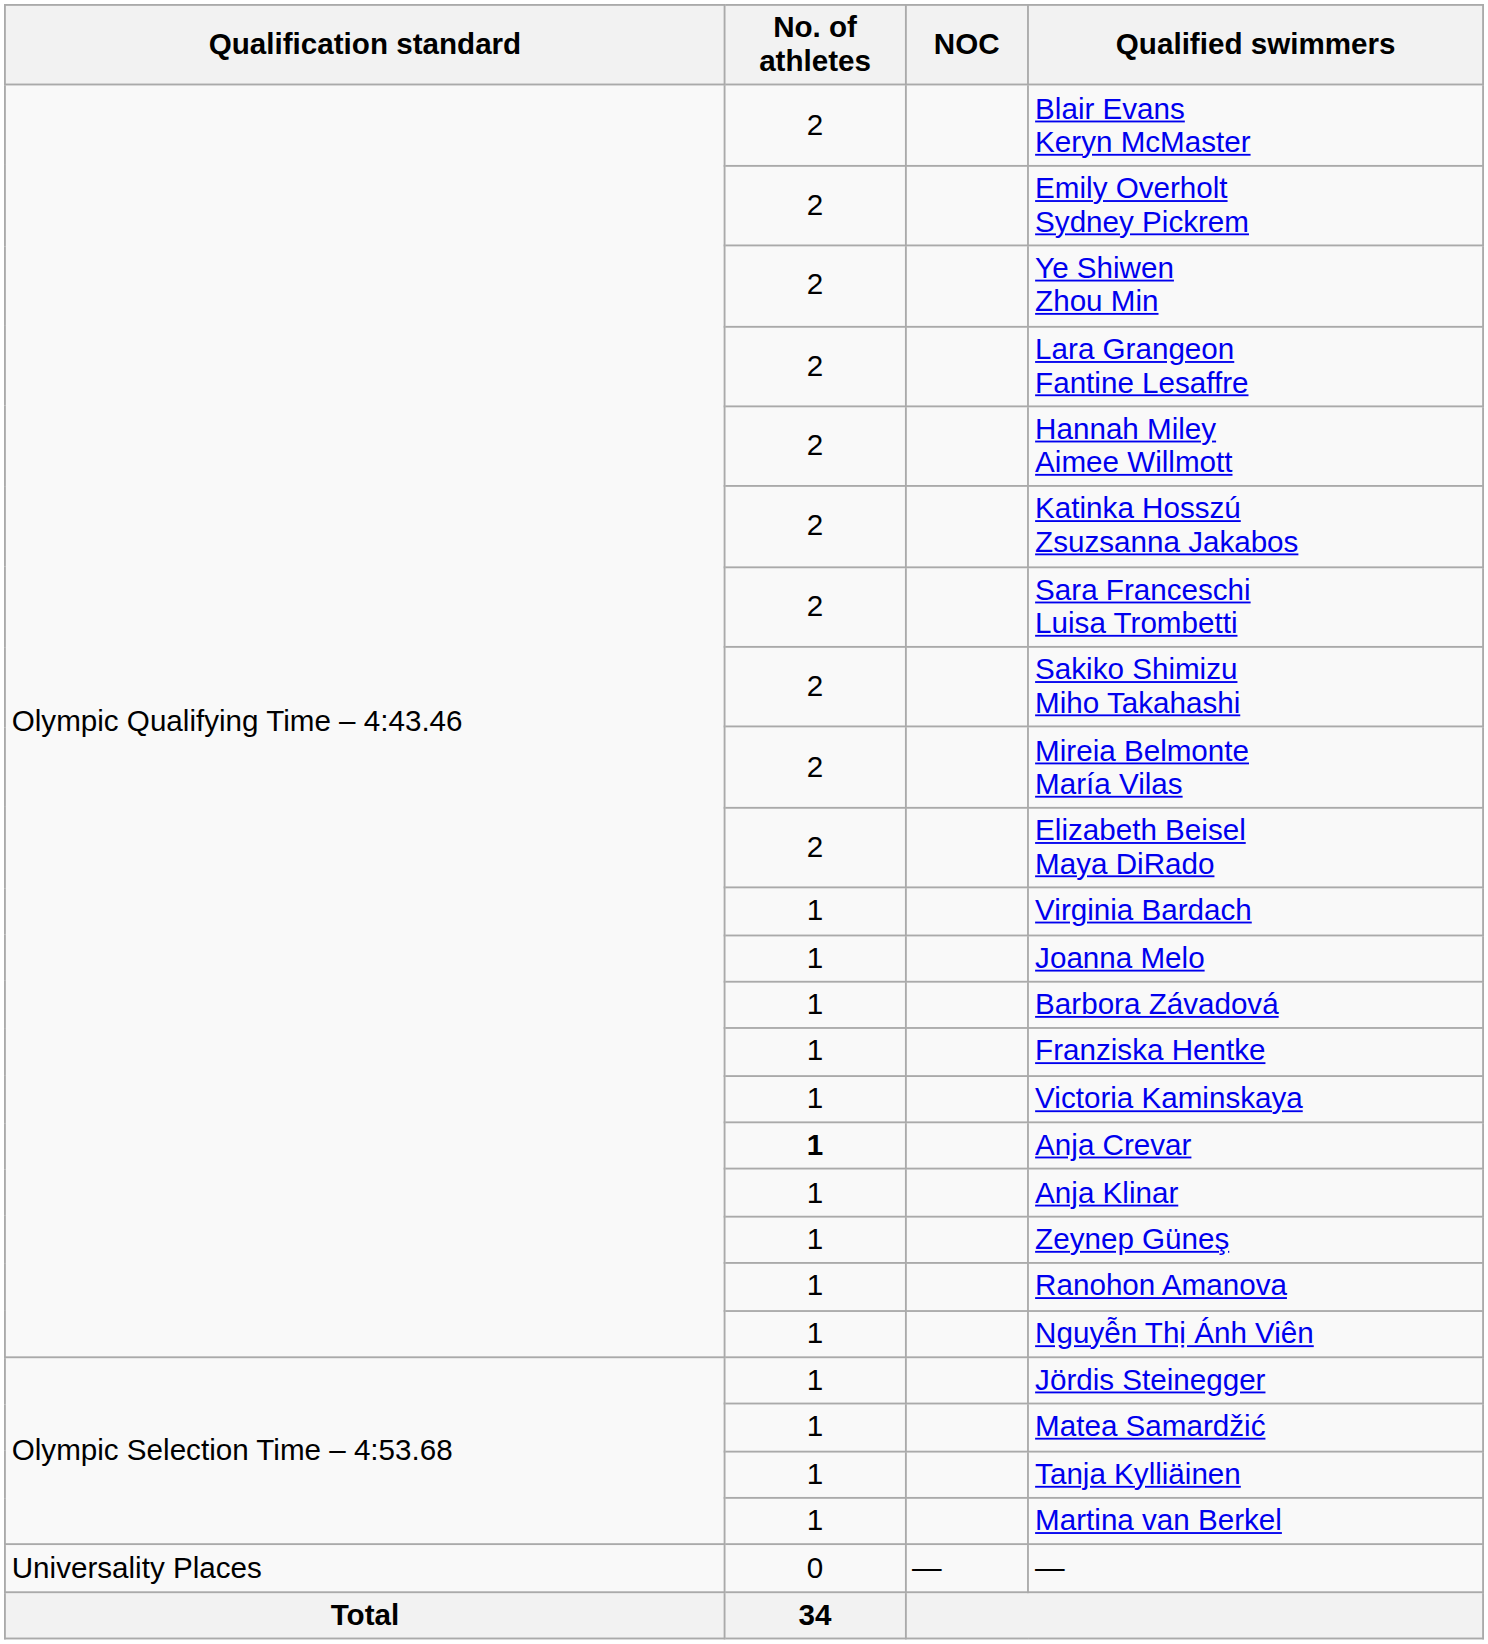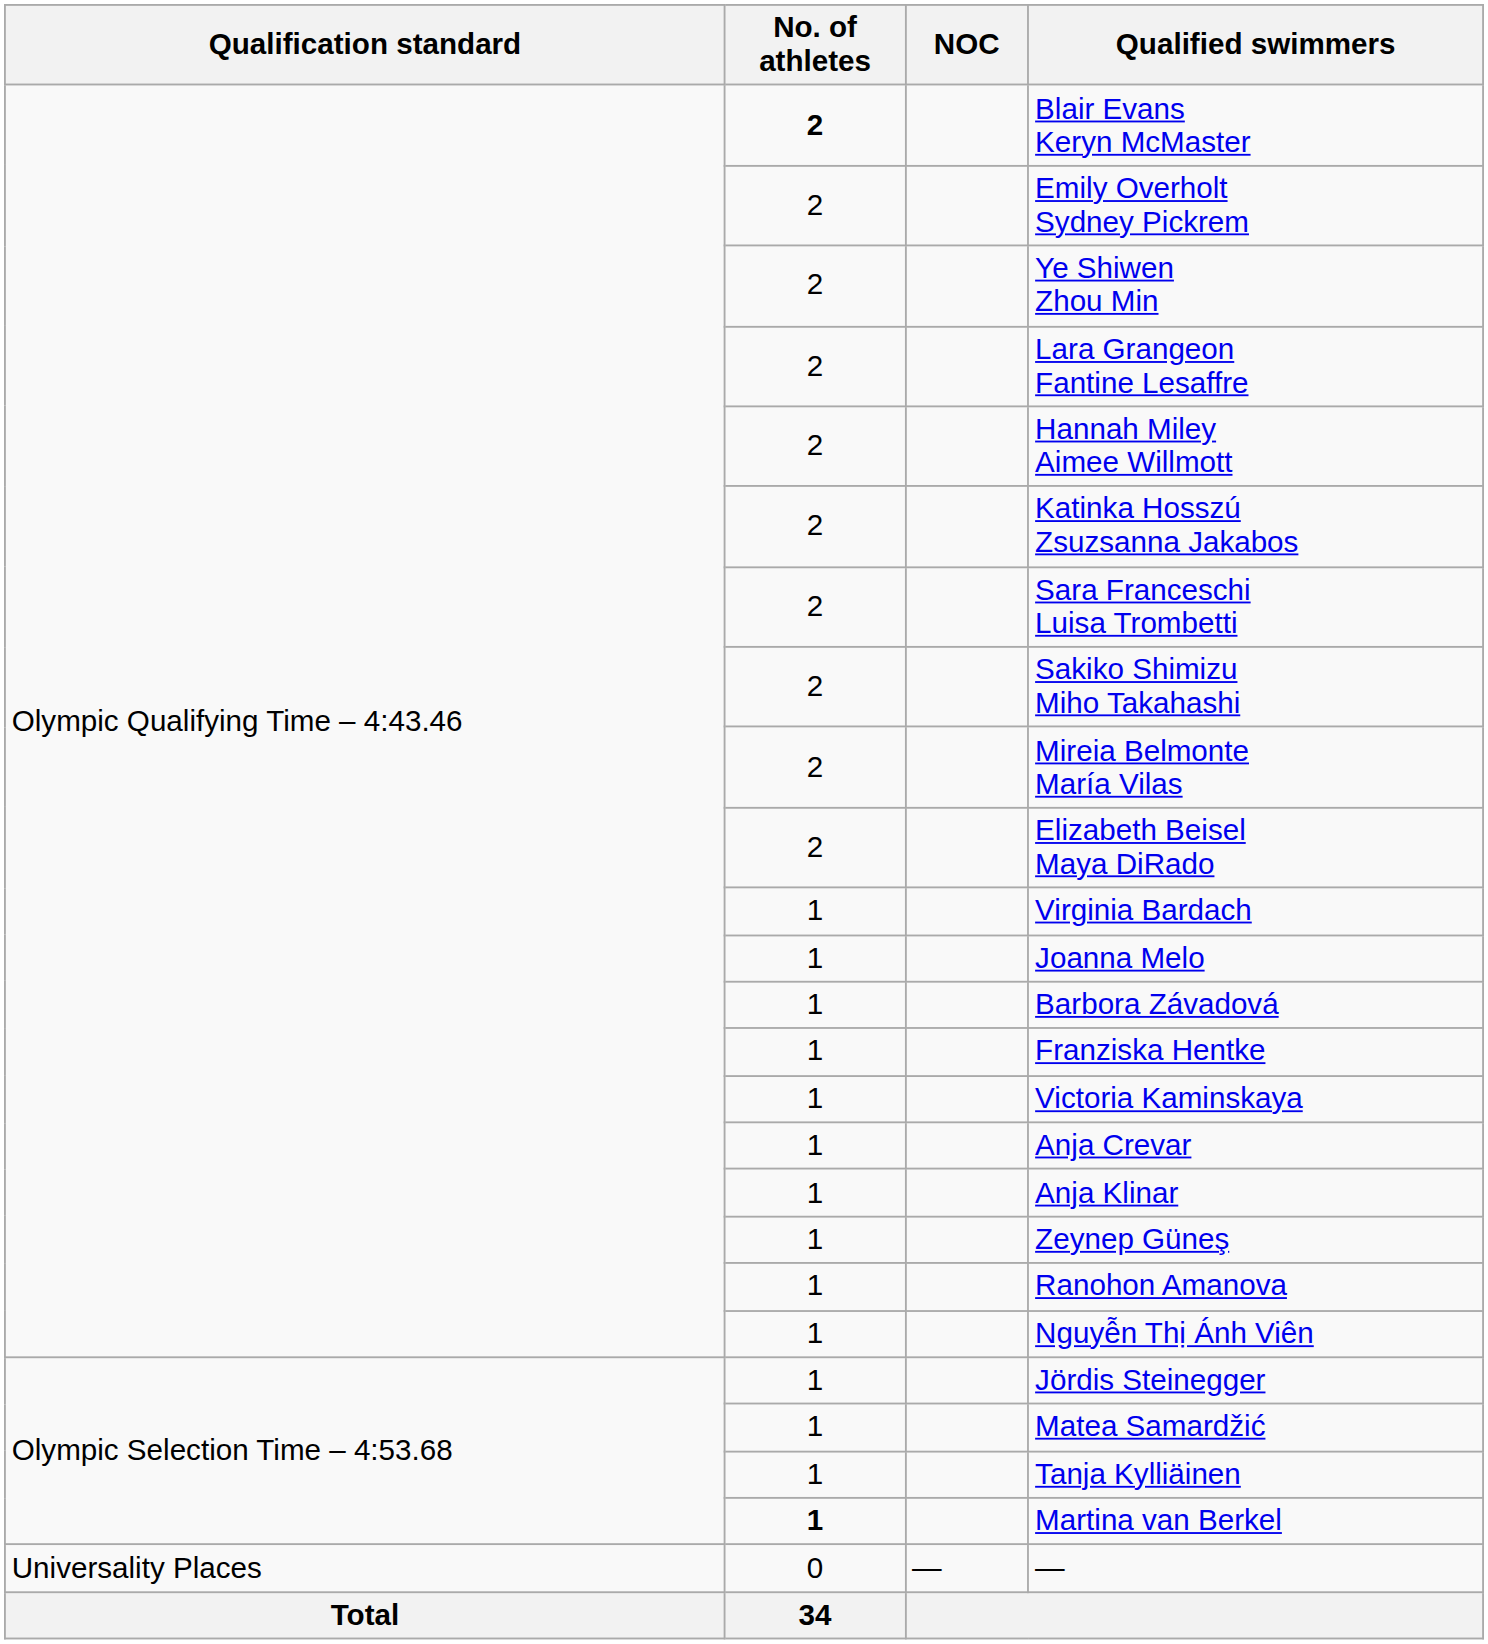 <table class=wikitable style="text-align:left" width=800>
 <tr>
 <th>Qualification standard</th>
 <th width=90>No. of athletes</th>
 <th>NOC</th>
 <th>Qualified swimmers</th>
 </tr>
 <tr>
 <td rowspan=20>Olympic Qualifying Time – 4:43.46</td>
-<td align=center>2</td>
+<td align=center><strong>2</strong></td>
 <td></td>
 <td><a href='#'>Blair Evans</a><br><a href='#'>Keryn McMaster</a></td>
 </tr>
 <tr>
 <td align=center>2</td>
 <td></td>
 <td><a href='#'>Emily Overholt</a><br><a href='#'>Sydney Pickrem</a></td>
 </tr>
 <tr>
 <td align=center>2</td>
 <td></td>
 <td><a href='#'>Ye Shiwen</a><br><a href='#'>Zhou Min</a></td>
 </tr>
 <tr>
 <td align=center>2</td>
 <td></td>
 <td><a href='#'>Lara Grangeon</a><br><a href='#'>Fantine Lesaffre</a></td>
 </tr>
 <tr>
 <td align=center>2</td>
 <td></td>
 <td><a href='#'>Hannah Miley</a><br><a href='#'>Aimee Willmott</a></td>
 </tr>
 <tr>
 <td align=center>2</td>
 <td></td>
 <td><a href='#'>Katinka Hosszú</a><br><a href='#'>Zsuzsanna Jakabos</a></td>
 </tr>
 <tr>
 <td align=center>2</td>
 <td></td>
 <td><a href='#'>Sara Franceschi</a><br><a href='#'>Luisa Trombetti</a></td>
 </tr>
 <tr>
 <td align=center>2</td>
 <td></td>
 <td><a href='#'>Sakiko Shimizu</a><br><a href='#'>Miho Takahashi</a></td>
 </tr>
 <tr>
 <td align=center>2</td>
 <td></td>
 <td><a href='#'>Mireia Belmonte</a><br><a href='#'>María Vilas</a></td>
 </tr>
 <tr>
 <td align=center>2</td>
 <td></td>
 <td><a href='#'>Elizabeth Beisel</a><br><a href='#'>Maya DiRado</a></td>
 </tr>
 <tr>
 <td align=center>1</td>
 <td></td>
 <td><a href='#'>Virginia Bardach</a></td>
 </tr>
 <tr>
 <td align=center>1</td>
 <td></td>
 <td><a href='#'>Joanna Melo</a></td>
 </tr>
 <tr>
 <td align=center>1</td>
 <td></td>
 <td><a href='#'>Barbora Závadová</a></td>
 </tr>
 <tr>
 <td align=center>1</td>
 <td></td>
 <td><a href='#'>Franziska Hentke</a></td>
 </tr>
 <tr>
 <td align=center>1</td>
 <td></td>
 <td><a href='#'>Victoria Kaminskaya</a></td>
 </tr>
 <tr>
-<td align=center><strong>1</strong></td>
+<td align=center>1</td>
 <td></td>
 <td><a href='#'>Anja Crevar</a></td>
 </tr>
 <tr>
 <td align=center>1</td>
 <td></td>
 <td><a href='#'>Anja Klinar</a></td>
 </tr>
 <tr>
 <td align=center>1</td>
 <td></td>
 <td><a href='#'>Zeynep Güneş</a></td>
 </tr>
 <tr>
 <td align=center>1</td>
 <td></td>
 <td><a href='#'>Ranohon Amanova</a></td>
 </tr>
 <tr>
 <td align=center>1</td>
 <td></td>
 <td><a href='#'>Nguyễn Thị Ánh Viên</a></td>
 </tr>
 <tr>
 <td rowspan=4>Olympic Selection Time – 4:53.68</td>
 <td align=center>1</td>
 <td></td>
 <td><a href='#'>Jördis Steinegger</a></td>
 </tr>
 <tr>
 <td align=center>1</td>
 <td></td>
 <td><a href='#'>Matea Samardžić</a></td>
 </tr>
 <tr>
 <td align=center>1</td>
 <td></td>
 <td><a href='#'>Tanja Kylliäinen</a></td>
 </tr>
 <tr>
-<td align=center>1</td>
+<td align=center><strong>1</strong></td>
 <td></td>
 <td><a href='#'>Martina van Berkel</a></td>
 </tr>
 <tr>
 <td>Universality Places</td>
 <td align=center>0</td>
 <td>—</td>
 <td>—</td>
 </tr>
 <tr>
 <th><strong>Total</strong></th>
 <th>34</th>
 <th colspan=2></th>
 </tr>
 </table>
